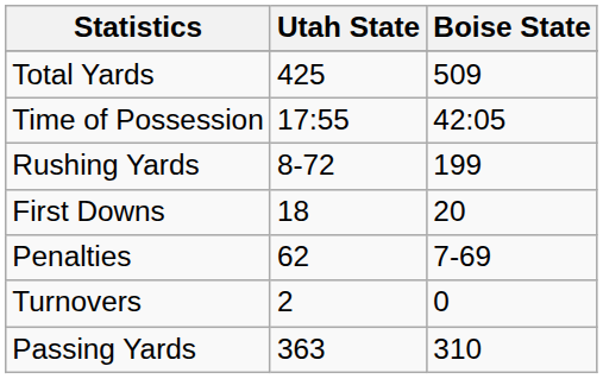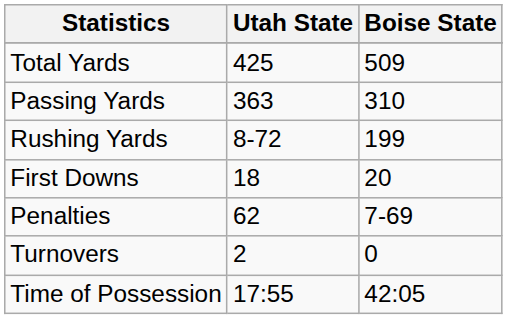 <table class="wikitable">
 <tr>
 <th>Statistics</th>
 <th>Utah State</th>
 <th>Boise State</th>
 </tr>
 <tr>
 </tr>
 <tr>
 <td>Total Yards</td>
 <td>425</td>
 <td>509</td>
 </tr>
 <tr>
-<td>Time of Possession</td>
-<td>17:55</td>
-<td>42:05</td>
+<td>Passing Yards</td>
+<td>363</td>
+<td>310</td>
 </tr>
 <tr>
 <td>Rushing Yards</td>
 <td>8-72</td>
 <td>199</td>
 </tr>
 <tr>
 <td>First Downs</td>
 <td>18</td>
 <td>20</td>
 </tr>
 <tr>
 <td>Penalties</td>
 <td>62</td>
 <td>7-69</td>
 </tr>
 <tr>
 <td>Turnovers</td>
 <td>2</td>
 <td>0</td>
 </tr>
 <tr>
-<td>Passing Yards</td>
-<td>363</td>
-<td>310</td>
+<td>Time of Possession</td>
+<td>17:55</td>
+<td>42:05</td>
 </tr>
 </table>
